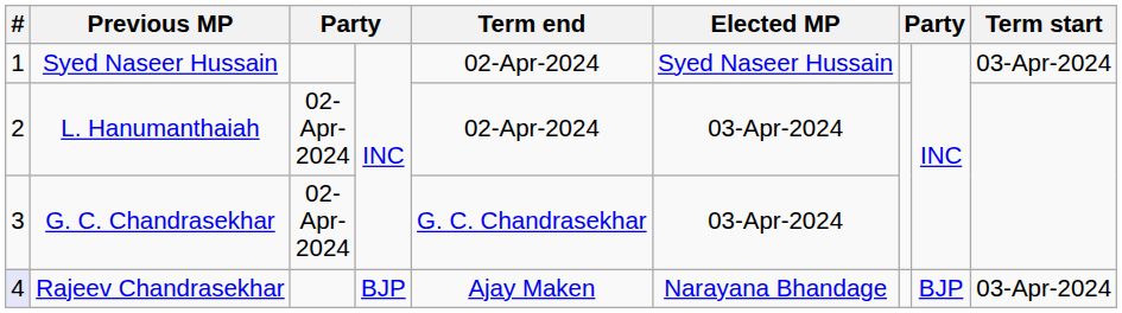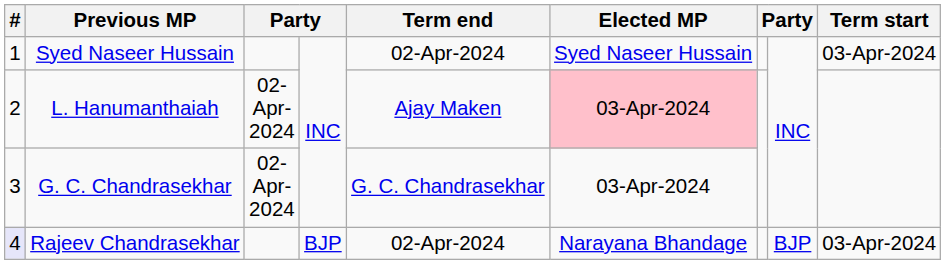 <table class="wikitable" style="text-align:center;">
 <tr>
 <th>#</th>
 <th>Previous MP</th>
 <th colspan="2">Party</th>
 <th>Term end</th>
 <th>Elected MP</th>
 <th colspan="2">Party</th>
 <th>Term start</th>
 </tr>
 <tr>
 <td>1</td>
 <td><a href='#'>Syed Naseer Hussain</a></td>
 <td width="1px"></td>
 <td rowspan=3><a href='#'>INC</a></td>
 <td>02-Apr-2024</td>
 <td><a href='#'>Syed Naseer Hussain</a></td>
 <td width="1px"></td>
 <td rowspan="3"><a href='#'>INC</a></td>
 <td>03-Apr-2024</td>
 </tr>
 <tr>
 <td>2</td>
 <td><a href='#'>L. Hanumanthaiah</a></td>
 <td>02-Apr-2024</td>
-<td>02-Apr-2024</td>
-<td>03-Apr-2024</td>
+<td><a href='#'>Ajay Maken</a></td>
+<td style="background: pink;">03-Apr-2024</td>
 </tr>
 <tr>
 <td>3</td>
 <td><a href='#'>G. C. Chandrasekhar</a></td>
 <td>02-Apr-2024</td>
 <td><a href='#'>G. C. Chandrasekhar</a></td>
 <td>03-Apr-2024</td>
 </tr>
 <tr>
 <td style="background: lavender;">4</td>
 <td><a href='#'>Rajeev Chandrasekhar</a></td>
 <td width="1px"></td>
 <td><a href='#'>BJP</a></td>
-<td><a href='#'>Ajay Maken</a></td>
+<td>02-Apr-2024</td>
 <td><a href='#'>Narayana Bhandage</a></td>
 <td width="1px"></td>
 <td><a href='#'>BJP</a></td>
 <td>03-Apr-2024</td>
 </tr>
 </table>
